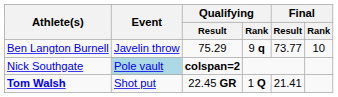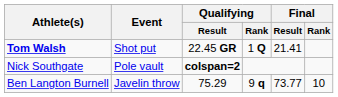 <table class=wikitable style="text-align:center; font-size:90%">
 <tr>
 <th rowspan="2">Athlete(s)</th>
 <th rowspan="2">Event</th>
 <th colspan="2">Qualifying</th>
 <th colspan="2">Final</th>
 </tr>
 <tr>
 <th style="line-height:1em"><small>Result</small></th>
 <th style="line-height:1em"><small>Rank</small></th>
 <th style="line-height:1em"><small>Result</small></th>
 <th style="line-height:1em"><small>Rank</small></th>
 </tr>
 <tr>
+<td style="text-align:left;"><strong><a href='#'>Tom Walsh</a></strong></td>
+<td style="text-align:left;"><a href='#'>Shot put</a></td>
+<td>22.45 <strong>GR</strong></td>
+<td>1 <strong>Q</strong></td>
+<td>21.41</td>
+<td></td>
+</tr>
+<tr>
+<td style="text-align:left;"><a href='#'>Nick Southgate</a></td>
+<td style="text-align:left;"><a href='#'>Pole vault</a></td>
+<td><strong>colspan=2 </strong></td>
+<td colspan=2></td>
+</tr>
+<tr>
 <td style="text-align:left;"><a href='#'>Ben Langton Burnell</a></td>
 <td style="text-align:left;"><a href='#'>Javelin throw</a></td>
 <td>75.29</td>
 <td>9 <strong>q</strong></td>
 <td>73.77</td>
 <td>10</td>
 </tr>
-<tr>
-<td style="text-align:left;"><a href='#'>Nick Southgate</a></td>
-<td style="background: lightblue; text-align:left;"><a href='#'>Pole vault</a></td>
-<td><strong>colspan=2 </strong></td>
-<td colspan=2></td>
-</tr>
-<tr>
-<td style="text-align:left;"><strong><a href='#'>Tom Walsh</a></strong></td>
-<td style="text-align:left;"><a href='#'>Shot put</a></td>
-<td>22.45 <strong>GR</strong></td>
-<td>1 <strong>Q</strong></td>
-<td>21.41</td>
-<td></td>
-</tr>
 </table>
